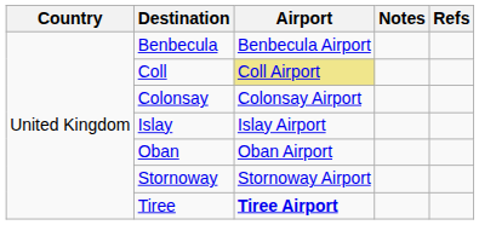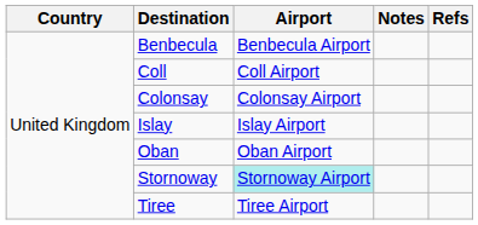 <table class="wikitable" style="margin:auto;">
 <tr>
 <th>Country</th>
 <th>Destination</th>
 <th>Airport</th>
 <th>Notes</th>
 <th>Refs</th>
 </tr>
 <tr>
 <td rowspan="7">United Kingdom</td>
 <td><a href='#'>Benbecula</a></td>
 <td><a href='#'>Benbecula Airport</a></td>
 <td></td>
 <td></td>
 </tr>
 <tr>
 <td><a href='#'>Coll</a></td>
-<td style="background: khaki;"><a href='#'>Coll Airport</a></td>
+<td><a href='#'>Coll Airport</a></td>
 <td></td>
 <td></td>
 </tr>
 <tr>
 <td><a href='#'>Colonsay</a></td>
 <td><a href='#'>Colonsay Airport</a></td>
 <td></td>
 <td></td>
 </tr>
 <tr>
 <td><a href='#'>Islay</a></td>
 <td><a href='#'>Islay Airport</a></td>
 <td></td>
 <td></td>
 </tr>
 <tr>
 <td><a href='#'>Oban</a></td>
 <td><a href='#'>Oban Airport</a></td>
 <td></td>
 <td></td>
 </tr>
 <tr>
 <td><a href='#'>Stornoway</a></td>
-<td><a href='#'>Stornoway Airport</a></td>
+<td style="background: paleturquoise;"><a href='#'>Stornoway Airport</a></td>
 <td></td>
 <td></td>
 </tr>
 <tr>
 <td><a href='#'>Tiree</a></td>
-<td><strong><a href='#'>Tiree Airport</a></strong></td>
+<td><a href='#'>Tiree Airport</a></td>
 <td></td>
 <td></td>
 </tr>
 </table>
